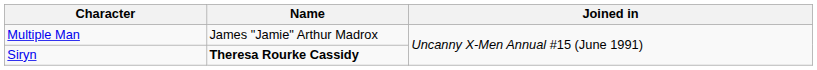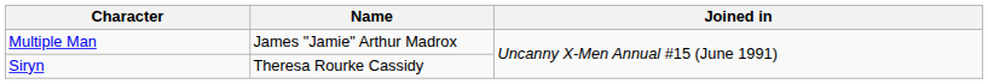 <table class="wikitable sortable" style="width:80%;">
 <tr>
 <th style="width:20%;">Character</th>
 <th style="width:20%;">Name</th>
 <th style="width:40%;">Joined in</th>
 </tr>
 <tr>
 <td><a href='#'>Multiple Man</a></td>
 <td>James "Jamie" Arthur Madrox</td>
 <td rowspan=2><em>Uncanny X-Men Annual</em> #15 (June 1991)</td>
 </tr>
 <tr>
 <td><a href='#'>Siryn</a></td>
-<td><strong>Theresa Rourke Cassidy</strong></td>
+<td>Theresa Rourke Cassidy</td>
 </tr>
 </table>
